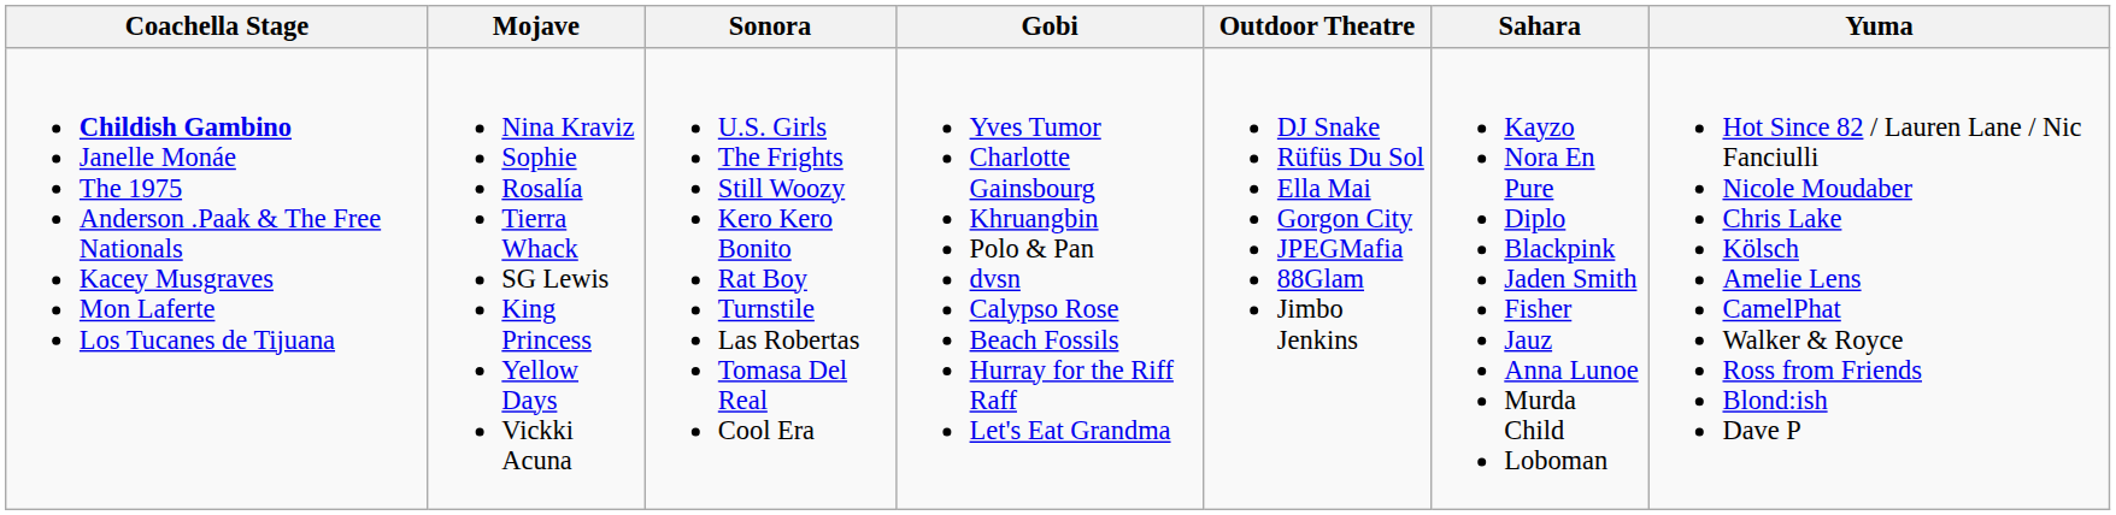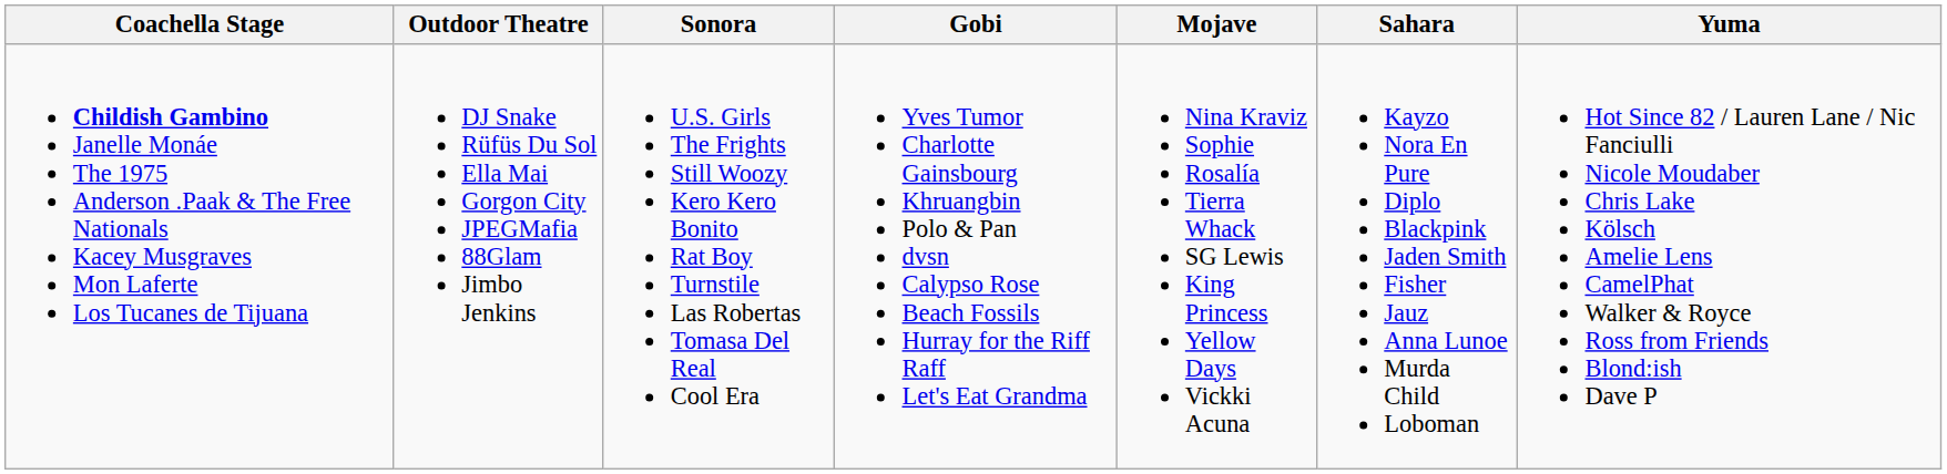 <table class="wikitable">
 <tr>
 <th>Coachella Stage</th>
-<th>Mojave</th>
+<th>Outdoor Theatre</th>
 <th>Sonora</th>
 <th>Gobi</th>
-<th>Outdoor Theatre</th>
+<th>Mojave</th>
 <th>Sahara</th>
 <th>Yuma</th>
 </tr>
 <tr valign="top">
 <td><br><ul><li><strong><a href='#'>Childish Gambino</a></strong></li><li><a href='#'>Janelle Monáe</a></li><li><a href='#'>The 1975</a></li><li><a href='#'>Anderson .Paak & The Free Nationals</a></li><li><a href='#'>Kacey Musgraves</a></li><li><a href='#'>Mon Laferte</a></li><li><a href='#'>Los Tucanes de Tijuana</a></li></ul></td>
-<td><br><ul><li><a href='#'>Nina Kraviz</a></li><li><a href='#'>Sophie</a></li><li><a href='#'>Rosalía</a></li><li><a href='#'>Tierra Whack</a></li><li>SG Lewis</li><li><a href='#'>King Princess</a></li><li><a href='#'>Yellow Days</a></li><li>Vickki Acuna</li></ul></td>
+<td><br><ul><li><a href='#'>DJ Snake</a></li><li><a href='#'>Rüfüs Du Sol</a></li><li><a href='#'>Ella Mai</a></li><li><a href='#'>Gorgon City</a></li><li><a href='#'>JPEGMafia</a></li><li><a href='#'>88Glam</a></li><li>Jimbo Jenkins</li></ul></td>
 <td><br><ul><li><a href='#'>U.S. Girls</a></li><li><a href='#'>The Frights</a></li><li><a href='#'>Still Woozy</a></li><li><a href='#'>Kero Kero Bonito</a></li><li><a href='#'>Rat Boy</a></li><li><a href='#'>Turnstile</a></li><li>Las Robertas</li><li><a href='#'>Tomasa Del Real</a></li><li>Cool Era</li></ul></td>
 <td><br><ul><li><a href='#'>Yves Tumor</a></li><li><a href='#'>Charlotte Gainsbourg</a></li><li><a href='#'>Khruangbin</a></li><li>Polo & Pan</li><li><a href='#'>dvsn</a></li><li><a href='#'>Calypso Rose</a></li><li><a href='#'>Beach Fossils</a></li><li><a href='#'>Hurray for the Riff Raff</a></li><li><a href='#'>Let's Eat Grandma</a></li></ul></td>
-<td><br><ul><li><a href='#'>DJ Snake</a></li><li><a href='#'>Rüfüs Du Sol</a></li><li><a href='#'>Ella Mai</a></li><li><a href='#'>Gorgon City</a></li><li><a href='#'>JPEGMafia</a></li><li><a href='#'>88Glam</a></li><li>Jimbo Jenkins</li></ul></td>
+<td><br><ul><li><a href='#'>Nina Kraviz</a></li><li><a href='#'>Sophie</a></li><li><a href='#'>Rosalía</a></li><li><a href='#'>Tierra Whack</a></li><li>SG Lewis</li><li><a href='#'>King Princess</a></li><li><a href='#'>Yellow Days</a></li><li>Vickki Acuna</li></ul></td>
 <td><br><ul><li><a href='#'>Kayzo</a></li><li><a href='#'>Nora En Pure</a></li><li><a href='#'>Diplo</a></li><li><a href='#'>Blackpink</a></li><li><a href='#'>Jaden Smith</a></li><li><a href='#'>Fisher</a></li><li><a href='#'>Jauz</a></li><li><a href='#'>Anna Lunoe</a></li><li>Murda Child</li><li>Loboman</li></ul></td>
 <td><br><ul><li><a href='#'>Hot Since 82</a> / Lauren Lane / Nic Fanciulli</li><li><a href='#'>Nicole Moudaber</a></li><li><a href='#'>Chris Lake</a></li><li><a href='#'>Kölsch</a></li><li><a href='#'>Amelie Lens</a></li><li><a href='#'>CamelPhat</a></li><li>Walker & Royce</li><li><a href='#'>Ross from Friends</a></li><li><a href='#'>Blond:ish</a></li><li>Dave P</li></ul></td>
 </tr>
 </table>
